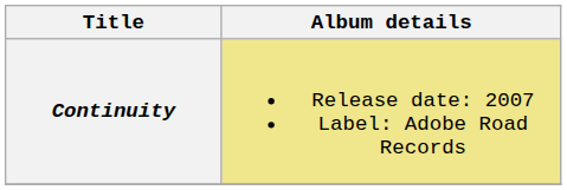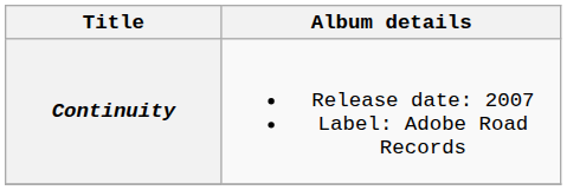 <table class="wikitable plainrowheaders" style="text-align:center;">
 <tr>
 <th style="width:10em;">Title</th>
 <th style="width:16em;">Album details</th>
 </tr>
 <tr>
 <th scope="row"><em>Continuity</em></th>
-<td style="background: khaki;"><br><ul><li>Release date: 2007</li><li>Label: Adobe Road Records</li></ul></td>
+<td><br><ul><li>Release date: 2007</li><li>Label: Adobe Road Records</li></ul></td>
 </tr>
 <tr>
 </tr>
 </table>
